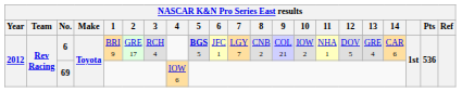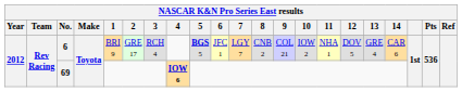 <table class="wikitable" style="text-align:center; font-size:75%">
 <tr>
 <th colspan=21><a href='#'>NASCAR K&N Pro Series East</a> results</th>
 </tr>
 <tr>
 <th>Year</th>
 <th>Team</th>
 <th>No.</th>
 <th>Make</th>
 <th>1</th>
 <th>2</th>
 <th>3</th>
 <th>4</th>
 <th>5</th>
 <th>6</th>
 <th>7</th>
 <th>8</th>
 <th>9</th>
 <th>10</th>
 <th>11</th>
 <th>12</th>
 <th>13</th>
 <th>14</th>
 <th></th>
 <th>Pts</th>
 <th>Ref</th>
 </tr>
 <tr>
 <th rowspan=2><a href='#'>2012</a></th>
 <th rowspan=2><a href='#'>Rev Racing</a></th>
 <th>6</th>
 <th rowspan=2><a href='#'>Toyota</a></th>
 <td style="background:#FFDF9F;"><a href='#'>BRI</a><br><small>9</small></td>
 <td style="background:#DFFFDF;"><a href='#'>GRE</a><br><small>17</small></td>
 <td style="background:#DFDFDF;"><a href='#'>RCH</a><br><small>4</small></td>
 <td></td>
 <td style="background:#DFDFDF;"><strong><a href='#'>BGS</a></strong><br><small>5</small></td>
 <td style="background:#FFFFBF;"><a href='#'>JFC</a><br><small>1</small></td>
 <td style="background:#FFDF9F;"><a href='#'>LGY</a><br><small>7</small></td>
 <td style="background:#DFDFDF;"><a href='#'>CNB</a><br><small>2</small></td>
 <td style="background:#CFCFFF;"><a href='#'>COL</a><br><small>21</small></td>
 <td style="background:#DFDFDF;"><a href='#'>IOW</a><br><small>2</small></td>
 <td style="background:#FFFFBF;"><a href='#'>NHA</a><br><small>1</small></td>
 <td style="background:#DFDFDF;"><a href='#'>DOV</a><br><small>5</small></td>
 <td style="background:#DFDFDF;"><a href='#'>GRE</a><br><small>4</small></td>
 <td style="background:#FFDF9F;"><a href='#'>CAR</a><br><small>6</small></td>
 <th rowspan=2>1st</th>
 <th rowspan=2>536</th>
 <th rowspan=2></th>
 </tr>
 <tr>
 <th>69</th>
 <td colspan=3></td>
-<td style="background:#FFDF9F;"><a href='#'>IOW</a><br><small>6</small></td>
+<td style="background:#FFDF9F;"><strong><a href='#'>IOW</a><br><small>6</small></strong></td>
 <td colspan=10></td>
 </tr>
 </table>
